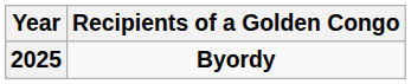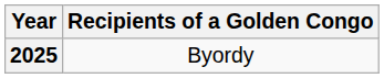 <table class="wikitable" style="text-align:center;">
 <tr>
 <th>Year</th>
 <th>Recipients of a Golden Congo</th>
 </tr>
 <tr>
 <th>2025</th>
-<td><strong>Byordy</strong></td>
+<td>Byordy</td>
 </tr>
 </table>
